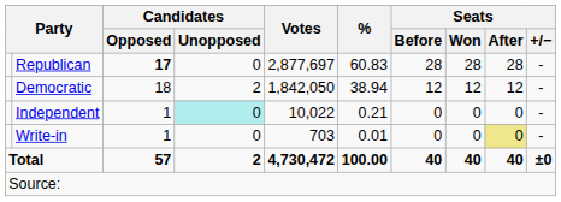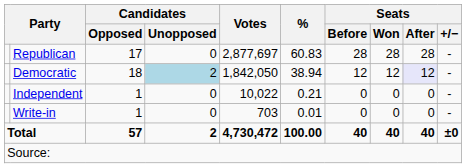 <table class="wikitable">
 <tr>
 <th colspan="2" rowspan="2">Party</th>
 <th colspan="2">Candidates</th>
 <th rowspan="2">Votes</th>
 <th rowspan="2">%</th>
 <th colspan="4">Seats</th>
 </tr>
 <tr>
 <th>Opposed</th>
 <th>Unopposed</th>
 <th>Before</th>
 <th>Won</th>
 <th>After</th>
 <th>+/−</th>
 </tr>
 <tr>
 <td style="background-color:"></td>
 <td><a href='#'>Republican</a></td>
-<td style="text-align:right;"><strong>17</strong></td>
+<td style="text-align:right;">17</td>
 <td style="text-align:right;">0</td>
 <td style="text-align:right;">2,877,697</td>
 <td style="text-align:right;">60.83</td>
 <td style="text-align:right;">28</td>
 <td style="text-align:right;">28</td>
 <td style="text-align:right;">28</td>
 <td style="text-align:center;">-</td>
 </tr>
 <tr>
 <td style="background-color:"></td>
 <td><a href='#'>Democratic</a></td>
 <td style="text-align:right;">18</td>
-<td style="text-align:right;">2</td>
+<td style="background: lightblue; text-align:right;">2</td>
 <td style="text-align:right;">1,842,050</td>
 <td style="text-align:right;">38.94</td>
 <td style="text-align:right;">12</td>
 <td style="text-align:right;">12</td>
-<td style="text-align:right;">12</td>
+<td style="background: lavender; text-align:right;">12</td>
 <td style="text-align:center;">-</td>
 </tr>
 <tr>
 <td style="background-color:"></td>
 <td><a href='#'>Independent</a></td>
 <td style="text-align:right;">1</td>
-<td style="background: paleturquoise; text-align:right;">0</td>
+<td style="text-align:right;">0</td>
 <td style="text-align:right;">10,022</td>
 <td style="text-align:right;">0.21</td>
 <td style="text-align:right;">0</td>
 <td style="text-align:right;">0</td>
 <td style="text-align:right;">0</td>
 <td style="text-align:center;">-</td>
 </tr>
 <tr>
 <td style="background-color:"></td>
 <td><a href='#'>Write-in</a></td>
 <td style="text-align:right;">1</td>
 <td style="text-align:right;">0</td>
 <td style="text-align:right;">703</td>
 <td style="text-align:right;">0.01</td>
 <td style="text-align:right;">0</td>
 <td style="text-align:right;">0</td>
-<td style="background: khaki; text-align:right;">0</td>
+<td style="text-align:right;">0</td>
 <td style="text-align:center;">-</td>
 </tr>
 <tr>
 <td colspan="2"><strong>Total</strong></td>
 <td style="text-align:right;"><strong>57</strong></td>
 <td style="text-align:right;"><strong>2</strong></td>
 <td style="text-align:right;"><strong>4,730,472</strong></td>
 <td style="text-align:right;"><strong>100.00</strong></td>
 <td style="text-align:right;"><strong>40</strong></td>
 <td style="text-align:right;"><strong>40</strong></td>
 <td style="text-align:right;"><strong>40</strong></td>
 <td style="text-align:right;"><strong>±0</strong></td>
 </tr>
 <tr>
 <td colspan="10">Source: <em></em></td>
 </tr>
 </table>
